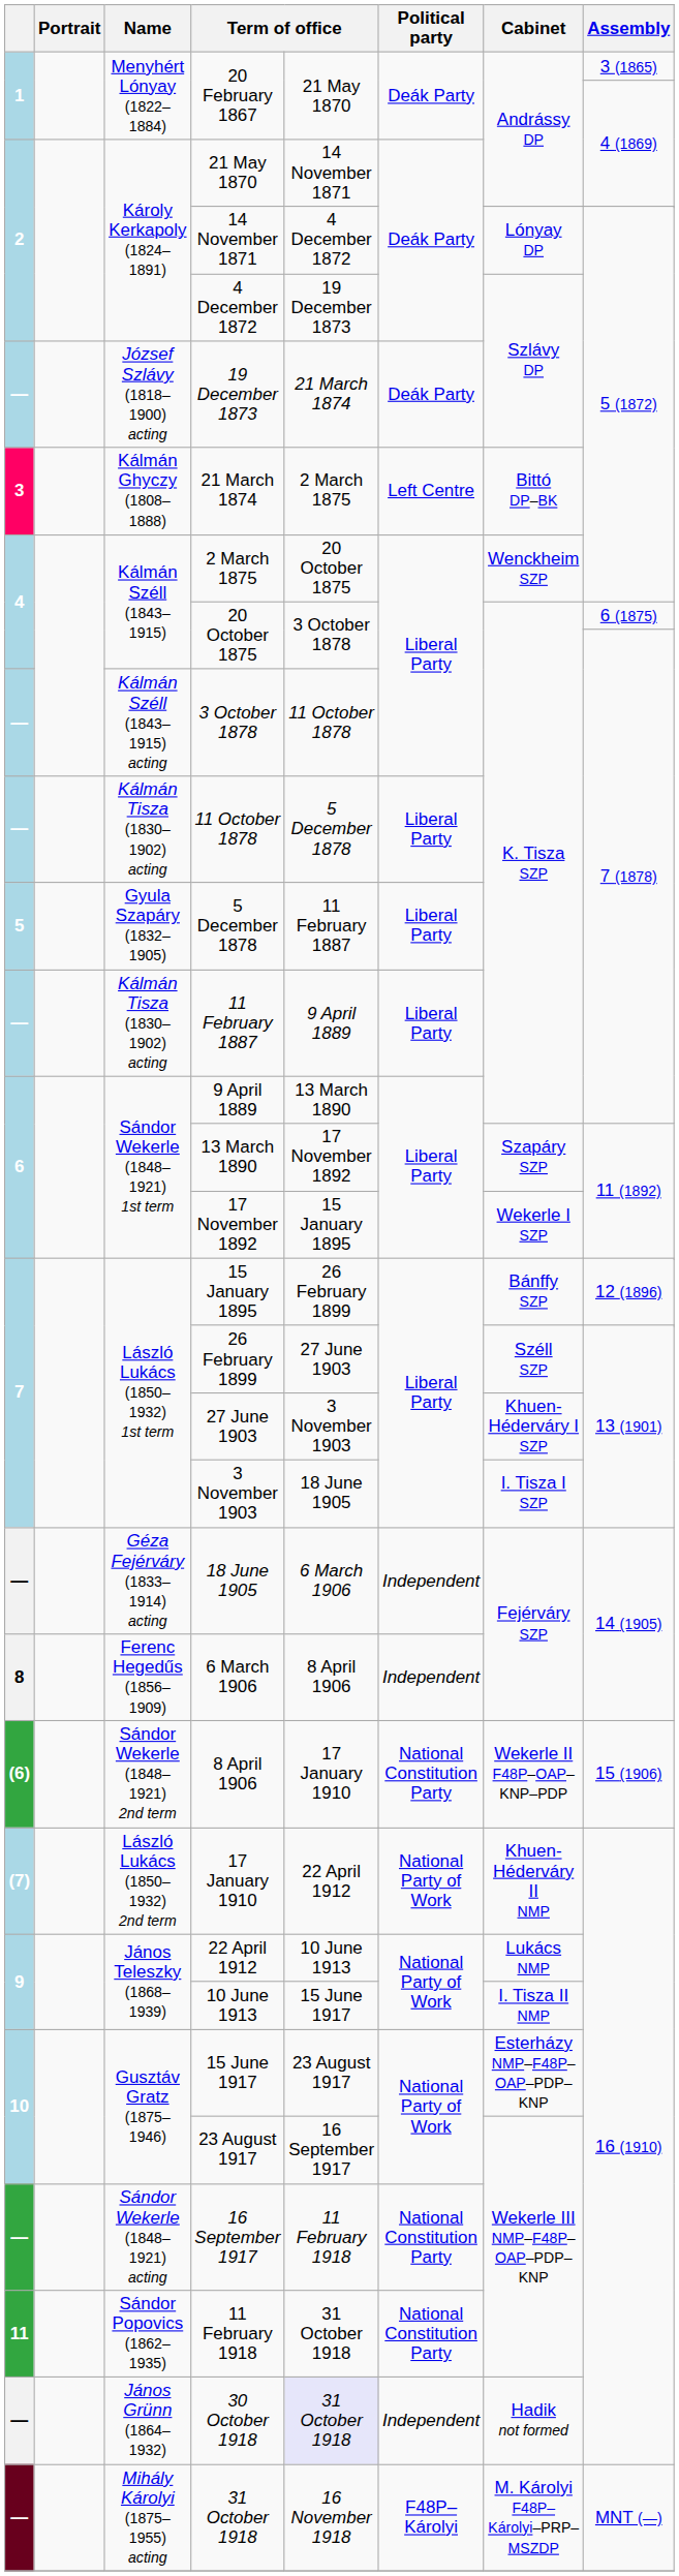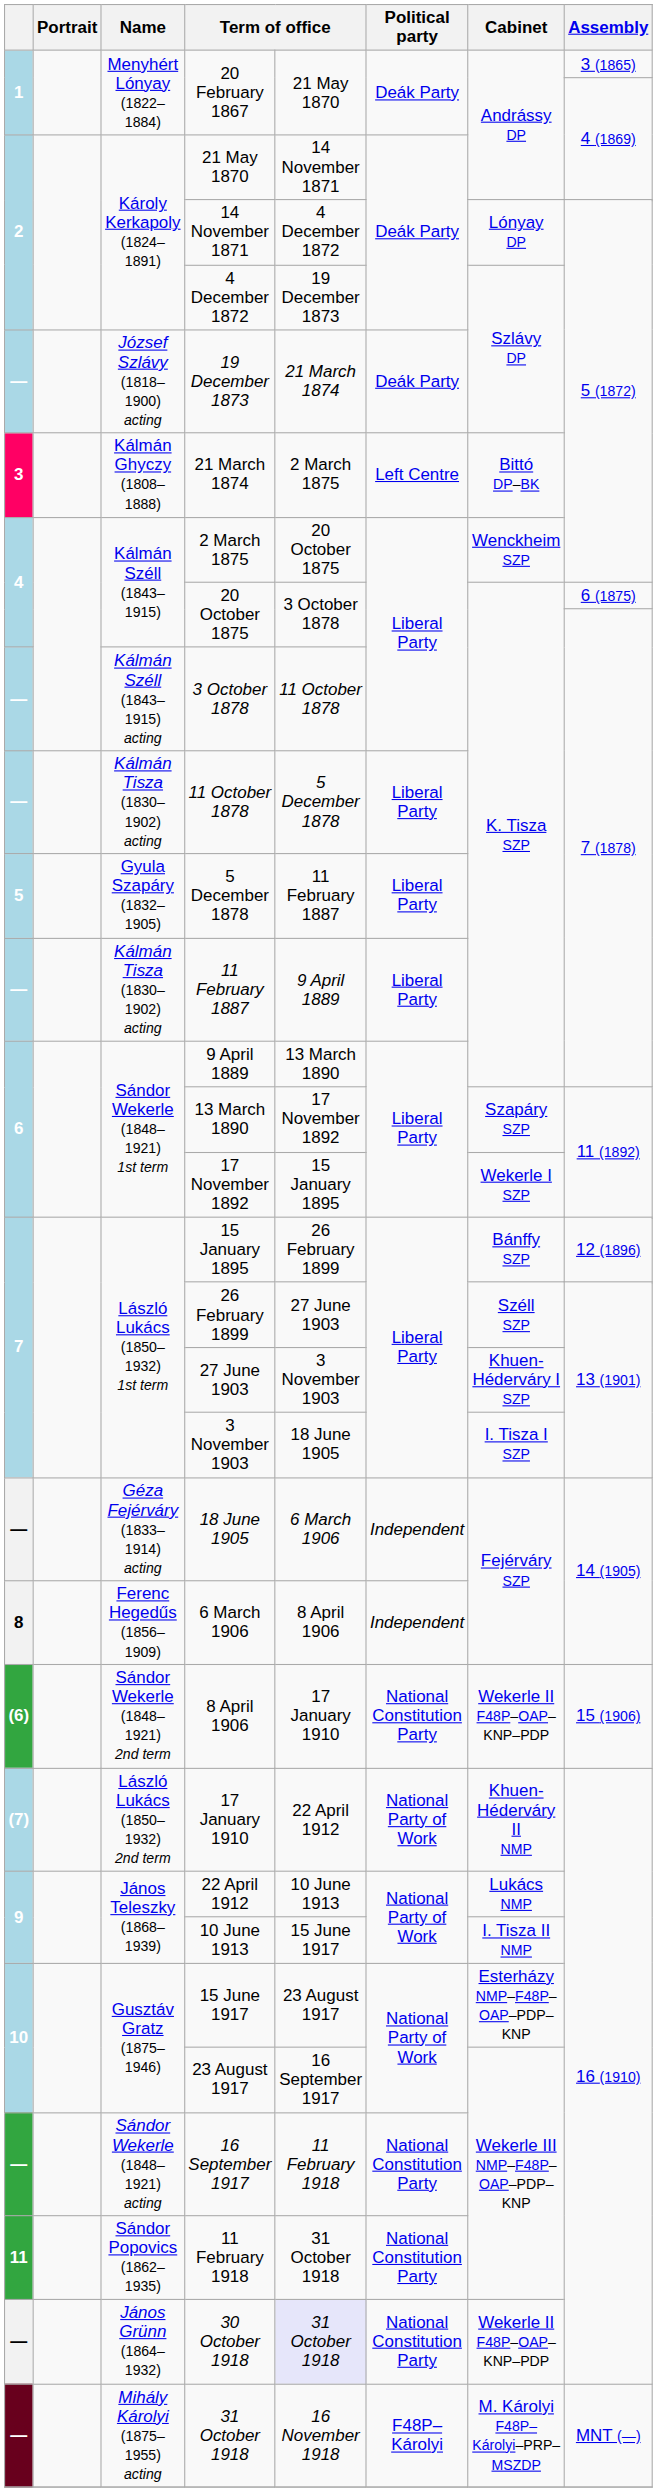 <table class="wikitable" style="width:90%; text-align:center;">
 <tr>
 <th></th>
 <th>Portrait</th>
 <th>Name<br></th>
 <th colspan=2>Term of office</th>
 <th>Political party</th>
 <th>Cabinet</th>
 <th><a href='#'>Assembly</a><br></th>
 </tr>
 <tr>
 <th rowspan="2" style="background-color:#AAD8E6; color:white">1</th>
 <td rowspan="2"></td>
 <td rowspan="2"><a href='#'>Menyhért Lónyay</a><br><small>(1822–1884)</small></td>
 <td rowspan="2">20 February 1867</td>
 <td rowspan="2">21 May 1870</td>
 <td rowspan="2"><a href='#'>Deák Party</a></td>
 <td rowspan="3"><a href='#'>Andrássy</a><br><small><a href='#'>DP</a></small></td>
 <td><a href='#'>3 <small>(1865)</small></a></td>
 </tr>
 <tr>
 <td rowspan="3"><a href='#'>4 <small>(1869)</small></a></td>
 </tr>
 <tr>
 <th rowspan="4" style="background-color:#AAD8E6; color:white">2</th>
 <td rowspan="4"></td>
 <td rowspan="4"><a href='#'>Károly Kerkapoly</a><br><small>(1824–1891)</small></td>
 <td>21 May 1870</td>
 <td>14 November 1871</td>
 <td rowspan="4"><a href='#'>Deák Party</a></td>
 </tr>
 <tr>
 <td rowspan="2">14 November 1871</td>
 <td rowspan="2">4 December 1872</td>
 <td rowspan="2"><a href='#'>Lónyay</a><br><small><a href='#'>DP</a></small></td>
 </tr>
 <tr>
 <td rowspan="5"><a href='#'>5 <small>(1872)</small></a></td>
 </tr>
 <tr>
 <td>4 December 1872</td>
 <td>19 December 1873</td>
 <td rowspan="2"><a href='#'>Szlávy</a><br><small><a href='#'>DP</a></small></td>
 </tr>
 <tr>
 <th style="background-color:#AAD8E6; color:white">—</th>
 <td></td>
 <td><em><a href='#'>József Szlávy</a></em><br><small>(1818–1900)<br><em>acting</em></small></td>
 <td><em>19 December 1873</em></td>
 <td><em>21 March 1874</em></td>
 <td><a href='#'>Deák Party</a></td>
 </tr>
 <tr>
 <th style="background-color:#FF0064; color:white">3</th>
 <td></td>
 <td><a href='#'>Kálmán Ghyczy</a><br><small>(1808–1888)</small></td>
 <td>21 March 1874</td>
 <td>2 March 1875</td>
 <td><a href='#'>Left Centre</a></td>
 <td><a href='#'>Bittó</a><br><small><a href='#'>DP</a>–<a href='#'>BK</a></small></td>
 </tr>
 <tr>
 <th rowspan="3" style="background-color:#AAD8E6; color:white">4</th>
 <td rowspan="4"></td>
 <td rowspan="3"><a href='#'>Kálmán Széll</a><br><small>(1843–1915)</small></td>
 <td>2 March 1875</td>
 <td>20 October 1875</td>
 <td rowspan="4"><a href='#'>Liberal Party</a></td>
 <td><a href='#'>Wenckheim</a><br><small><a href='#'>SZP</a></small></td>
 </tr>
 <tr>
 <td rowspan="2">20 October 1875</td>
 <td rowspan="2">3 October 1878</td>
 <td rowspan="7"><a href='#'>K. Tisza</a><br><small><a href='#'>SZP</a></small></td>
 <td><a href='#'>6 <small>(1875)</small></a></td>
 </tr>
 <tr>
 <td rowspan="6"><a href='#'>7 <small>(1878)</small></a></td>
 </tr>
 <tr>
 <th style="background-color:#AAD8E6; color:white">—</th>
 <td><em><a href='#'>Kálmán Széll</a></em><br><small>(1843–1915)<br><em>acting</em></small></td>
 <td><em>3 October 1878</em></td>
 <td><em>11 October 1878</em></td>
 </tr>
 <tr>
 <th style="background-color:#AAD8E6; color:white">—</th>
 <td></td>
 <td><em><a href='#'>Kálmán Tisza</a></em><br><small>(1830–1902)<br><em>acting</em></small></td>
 <td><em>11 October 1878</em></td>
 <td><em>5 December 1878</em></td>
 <td><a href='#'>Liberal Party</a></td>
 </tr>
 <tr>
 <th style="background-color:#AAD8E6; color:white">5</th>
 <td></td>
 <td><a href='#'>Gyula Szapáry</a><br><small>(1832–1905)</small></td>
 <td>5 December 1878</td>
 <td>11 February 1887</td>
 <td><a href='#'>Liberal Party</a></td>
 </tr>
 <tr>
 <th style="background-color:#AAD8E6; color:white">—</th>
 <td></td>
 <td><em><a href='#'>Kálmán Tisza</a></em><br><small>(1830–1902)<br><em>acting</em></small></td>
 <td><em>11 February 1887</em></td>
 <td><em>9 April 1889</em></td>
 <td><a href='#'>Liberal Party</a></td>
 </tr>
 <tr>
 <th rowspan="3" style="background-color:#AAD8E6; color:white">6</th>
 <td rowspan="3"></td>
 <td rowspan="3"><a href='#'>Sándor Wekerle</a><br><small>(1848–1921)<br><em>1st term</em></small></td>
 <td>9 April 1889</td>
 <td>13 March 1890</td>
 <td rowspan="3"><a href='#'>Liberal Party</a></td>
 </tr>
 <tr>
 <td>13 March 1890</td>
 <td>17 November 1892</td>
 <td><a href='#'>Szapáry</a><br><small><a href='#'>SZP</a></small></td>
 <td rowspan="3"><a href='#'>11 <small>(1892)</small></a></td>
 </tr>
 <tr>
 <td>17 November 1892</td>
 <td>15 January 1895</td>
 <td><a href='#'>Wekerle I</a><br><small><a href='#'>SZP</a></small></td>
 </tr>
 <tr>
 <th rowspan="6" style="background-color:#AAD8E6; color:white">7</th>
 <td rowspan="6"></td>
 <td rowspan="6"><a href='#'>László Lukács</a><br><small>(1850–1932)<br><em>1st term</em></small></td>
 <td rowspan="2">15 January 1895</td>
 <td rowspan="2">26 February 1899</td>
 <td rowspan="6"><a href='#'>Liberal Party</a></td>
 <td rowspan="2"><a href='#'>Bánffy</a><br><small><a href='#'>SZP</a></small></td>
 </tr>
 <tr>
 <td rowspan="2"><a href='#'>12 <small>(1896)</small></a></td>
 </tr>
 <tr>
 <td rowspan="2">26 February 1899</td>
 <td rowspan="2">27 June 1903</td>
 <td rowspan="2"><a href='#'>Széll</a><br><small><a href='#'>SZP</a></small></td>
 </tr>
 <tr>
 <td rowspan="3"><a href='#'>13 <small>(1901)</small></a></td>
 </tr>
 <tr>
 <td>27 June 1903</td>
 <td>3 November 1903</td>
 <td><a href='#'>Khuen-Héderváry I</a><br><small><a href='#'>SZP</a></small></td>
 </tr>
 <tr>
 <td>3 November 1903</td>
 <td>18 June 1905</td>
 <td><a href='#'>I. Tisza I</a><br><small><a href='#'>SZP</a></small></td>
 </tr>
 <tr>
 <th style="background:">—</th>
 <td></td>
 <td><em><a href='#'>Géza Fejérváry</a></em><br><small>(1833–1914)<br><em>acting</em></small></td>
 <td><em>18 June 1905</em></td>
 <td><em>6 March 1906</em></td>
 <td><em>Independent</em></td>
 <td rowspan="2"><a href='#'>Fejérváry</a><br><small><a href='#'>SZP</a></small></td>
 <td rowspan="2"><a href='#'>14 <small>(1905)</small></a></td>
 </tr>
 <tr>
 <th style="background:">8</th>
 <td></td>
 <td><a href='#'>Ferenc Hegedűs</a><br><small>(1856–1909)</small></td>
 <td>6 March 1906</td>
 <td>8 April 1906</td>
 <td><em>Independent</em></td>
 </tr>
 <tr>
 <th style="background-color:#32A640; color:white">(6)</th>
 <td></td>
 <td><a href='#'>Sándor Wekerle</a><br><small>(1848–1921)<br><em>2nd term</em></small></td>
 <td>8 April 1906</td>
 <td>17 January 1910</td>
 <td><a href='#'>National Constitution Party</a></td>
 <td><a href='#'>Wekerle II</a><br><small><a href='#'>F48P</a>–<a href='#'>OAP</a>–KNP–PDP</small></td>
 <td rowspan="2"><a href='#'>15 <small>(1906)</small></a></td>
 </tr>
 <tr>
 <th rowspan="2" style="background-color:#AAD8E6; color:white">(7)</th>
 <td rowspan="2"></td>
 <td rowspan="2"><a href='#'>László Lukács</a><br><small>(1850–1932)<br><em>2nd term</em></small></td>
 <td rowspan="2">17 January 1910</td>
 <td rowspan="2">22 April 1912</td>
 <td rowspan="2"><a href='#'>National Party of Work</a></td>
 <td rowspan="2"><a href='#'>Khuen-Héderváry II</a><br><small><a href='#'>NMP</a></small></td>
 </tr>
 <tr>
 <td rowspan="8"><a href='#'>16 <small>(1910)</small></a></td>
 </tr>
 <tr>
 <th rowspan="2" style="background-color:#AAD8E6; color:white">9</th>
 <td rowspan="2"></td>
 <td rowspan="2"><a href='#'>János Teleszky</a><br><small>(1868–1939)</small></td>
 <td>22 April 1912</td>
 <td>10 June 1913</td>
 <td rowspan="2"><a href='#'>National Party of Work</a></td>
 <td><a href='#'>Lukács</a><br><small><a href='#'>NMP</a></small></td>
 </tr>
 <tr>
 <td>10 June 1913</td>
 <td>15 June 1917</td>
 <td><a href='#'>I. Tisza II</a><br><small><a href='#'>NMP</a></small></td>
 </tr>
 <tr>
 <th rowspan="2" style="background-color:#AAD8E6; color:white">10</th>
 <td rowspan="2"></td>
 <td rowspan="2"><a href='#'>Gusztáv Gratz</a><br><small>(1875–1946)</small></td>
 <td>15 June 1917</td>
 <td>23 August 1917</td>
 <td rowspan="2"><a href='#'>National Party of Work</a></td>
 <td><a href='#'>Esterházy</a><br><small><a href='#'>NMP</a>–<a href='#'>F48P</a>–<a href='#'>OAP</a>–PDP–KNP</small></td>
 </tr>
 <tr>
 <td>23 August 1917</td>
 <td>16 September 1917</td>
 <td rowspan="3"><a href='#'>Wekerle III</a><br><small><a href='#'>NMP</a>–<a href='#'>F48P</a>–<a href='#'>OAP</a>–PDP–KNP</small></td>
 </tr>
 <tr>
 <th style="background-color:#32A640; color:white">—</th>
 <td></td>
 <td><em><a href='#'>Sándor Wekerle</a></em><br><small>(1848–1921)<br><em>acting</em></small></td>
 <td><em>16 September 1917</em></td>
 <td><em>11 February 1918</em></td>
 <td><a href='#'>National Constitution Party</a></td>
 </tr>
 <tr>
 <th style="background-color:#32A640; color:white">11</th>
 <td></td>
 <td><a href='#'>Sándor Popovics</a><br><small>(1862–1935)</small></td>
 <td>11 February 1918</td>
 <td>31 October 1918</td>
 <td><a href='#'>National Constitution Party</a></td>
 </tr>
 <tr>
 <th style="background:">—</th>
 <td></td>
 <td><em><a href='#'>János Grünn</a></em><br><small>(1864–1932)</small></td>
 <td><em>30 October 1918</em></td>
 <td style="background: lavender;"><em>31 October 1918</em></td>
-<td><em>Independent</em></td>
-<td><a href='#'>Hadik</a><br><small><em>not formed</em></small></td>
+<td><a href='#'>National Constitution Party</a></td>
+<td><a href='#'>Wekerle II</a><br><small><a href='#'>F48P</a>–<a href='#'>OAP</a>–KNP–PDP</small></td>
 </tr>
 <tr>
 <th style="background-color:#68001D; color:white">—</th>
 <td></td>
 <td><em><a href='#'>Mihály Károlyi</a></em><br><small>(1875–1955)<br><em>acting</em></small></td>
 <td><em>31 October 1918</em></td>
 <td><em>16 November 1918</em></td>
 <td><a href='#'>F48P–Károlyi</a></td>
 <td><a href='#'>M. Károlyi</a><br><small><a href='#'>F48P–Károlyi</a>–PRP–<a href='#'>MSZDP</a></small></td>
 <td><a href='#'>MNT <small>(—)</small></a></td>
 </tr>
 <tr>
 </tr>
 </table>
